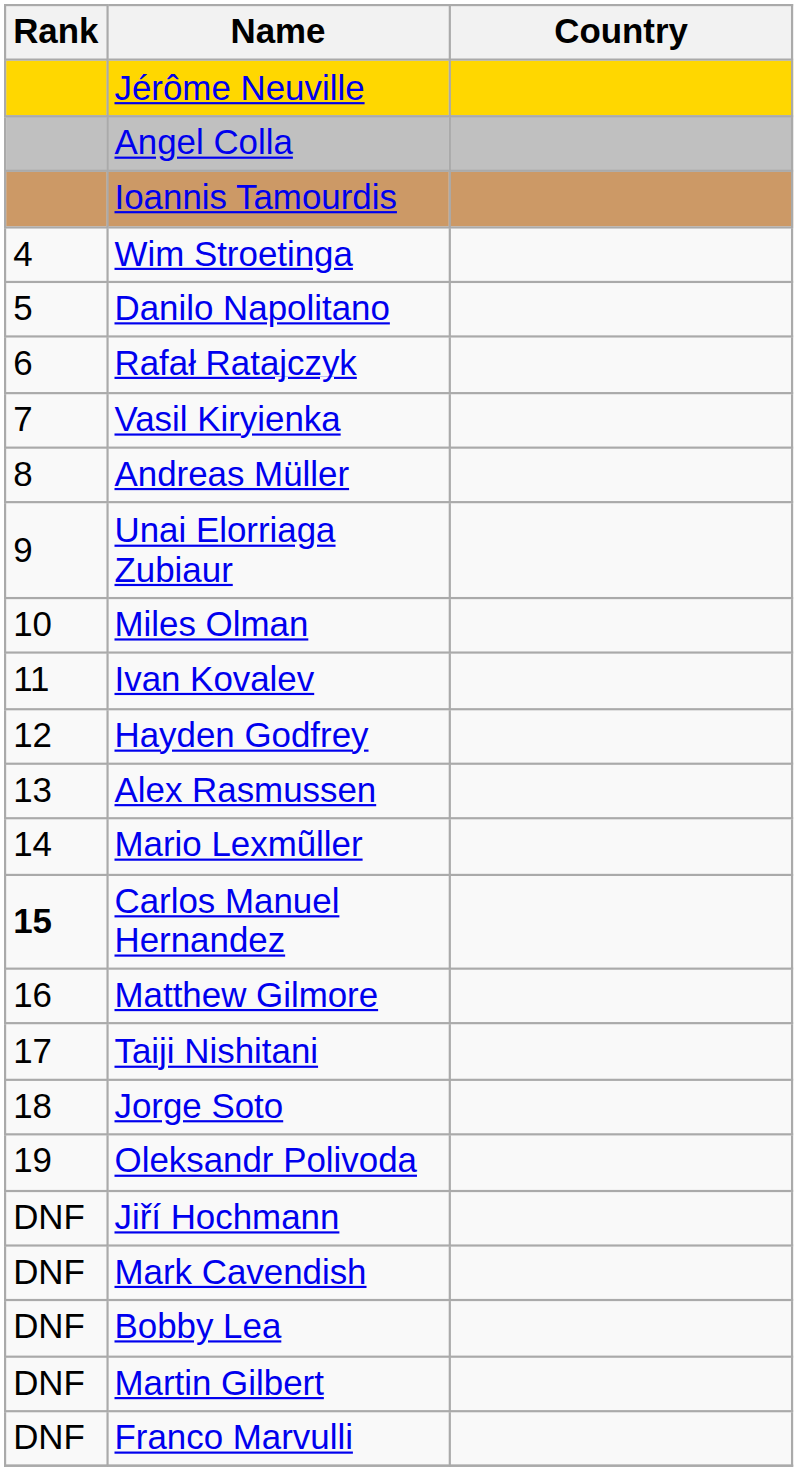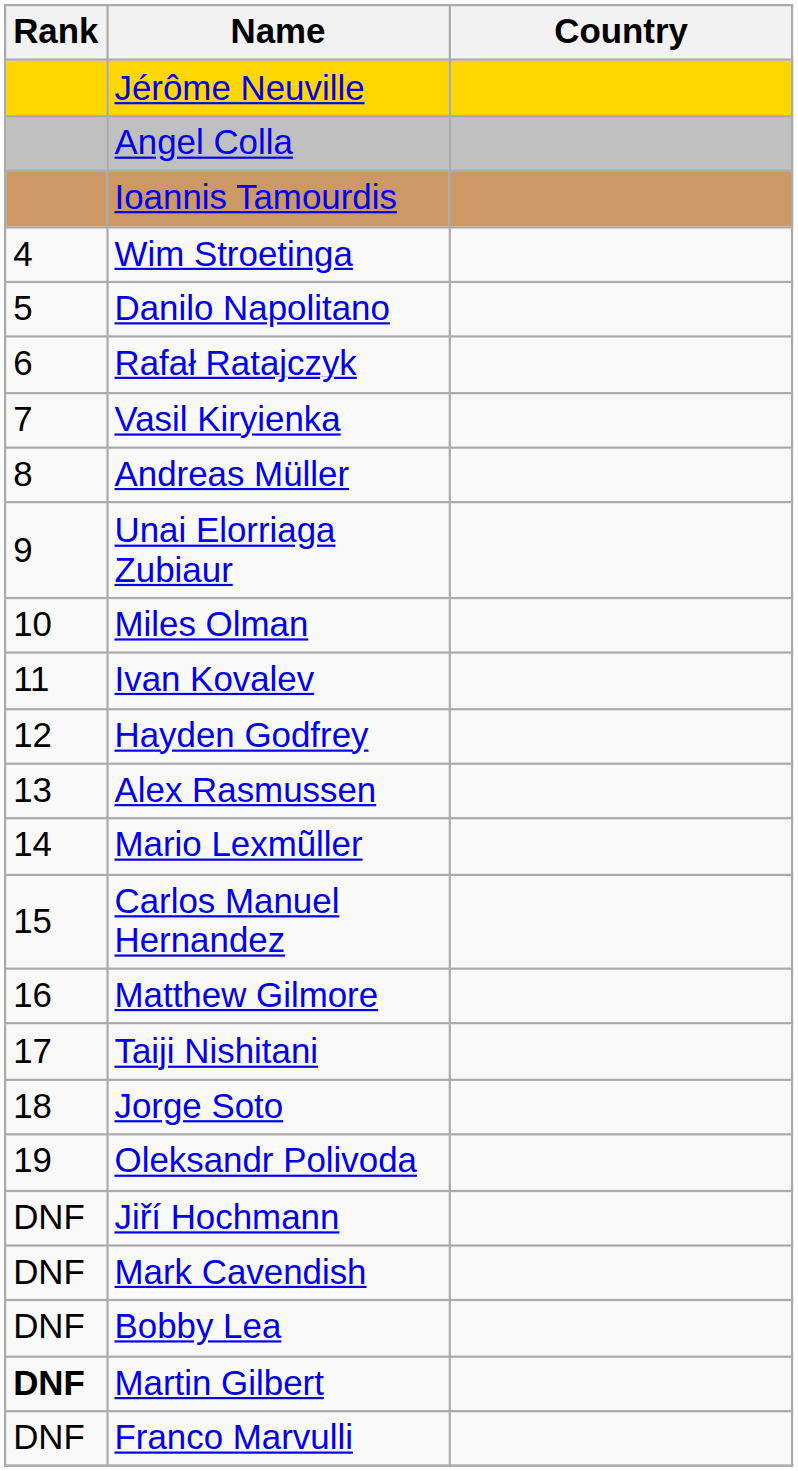 <table class="wikitable">
 <tr>
 <th width=20>Rank</th>
 <th width=150>Name</th>
 <th width=150>Country</th>
 </tr>
 <tr bgcolor=gold>
 <td></td>
 <td><a href='#'>Jérôme Neuville</a></td>
 <td></td>
 </tr>
 <tr bgcolor=silver>
 <td></td>
 <td><a href='#'>Angel Colla</a></td>
 <td></td>
 </tr>
 <tr bgcolor=cc9966>
 <td></td>
 <td><a href='#'>Ioannis Tamourdis</a></td>
 <td></td>
 </tr>
 <tr>
 <td>4</td>
 <td><a href='#'>Wim Stroetinga</a></td>
 <td></td>
 </tr>
 <tr>
 <td>5</td>
 <td><a href='#'>Danilo Napolitano</a></td>
 <td></td>
 </tr>
 <tr>
 <td>6</td>
 <td><a href='#'>Rafał Ratajczyk</a></td>
 <td></td>
 </tr>
 <tr>
 <td>7</td>
 <td><a href='#'>Vasil Kiryienka</a></td>
 <td></td>
 </tr>
 <tr>
 <td>8</td>
 <td><a href='#'>Andreas Müller</a></td>
 <td></td>
 </tr>
 <tr>
 <td>9</td>
 <td><a href='#'>Unai Elorriaga Zubiaur</a></td>
 <td></td>
 </tr>
 <tr>
 <td>10</td>
 <td><a href='#'>Miles Olman</a></td>
 <td></td>
 </tr>
 <tr>
 <td>11</td>
 <td><a href='#'>Ivan Kovalev</a></td>
 <td></td>
 </tr>
 <tr>
 <td>12</td>
 <td><a href='#'>Hayden Godfrey</a></td>
 <td></td>
 </tr>
 <tr>
 <td>13</td>
 <td><a href='#'>Alex Rasmussen</a></td>
 <td></td>
 </tr>
 <tr>
 <td>14</td>
 <td><a href='#'>Mario Lexmũller</a></td>
 <td></td>
 </tr>
 <tr>
-<td><strong>15</strong></td>
+<td>15</td>
 <td><a href='#'>Carlos Manuel Hernandez</a></td>
 <td></td>
 </tr>
 <tr>
 <td>16</td>
 <td><a href='#'>Matthew Gilmore</a></td>
 <td></td>
 </tr>
 <tr>
 <td>17</td>
 <td><a href='#'>Taiji Nishitani</a></td>
 <td></td>
 </tr>
 <tr>
 <td>18</td>
 <td><a href='#'>Jorge Soto</a></td>
 <td></td>
 </tr>
 <tr>
 <td>19</td>
 <td><a href='#'>Oleksandr Polivoda</a></td>
 <td></td>
 </tr>
 <tr>
 <td>DNF</td>
 <td><a href='#'>Jiří Hochmann</a></td>
 <td></td>
 </tr>
 <tr>
 <td>DNF</td>
 <td><a href='#'>Mark Cavendish</a></td>
 <td></td>
 </tr>
 <tr>
 <td>DNF</td>
 <td><a href='#'>Bobby Lea</a></td>
 <td></td>
 </tr>
 <tr>
-<td>DNF</td>
+<td><strong>DNF</strong></td>
 <td><a href='#'>Martin Gilbert</a></td>
 <td></td>
 </tr>
 <tr>
 <td>DNF</td>
 <td><a href='#'>Franco Marvulli</a></td>
 <td></td>
 </tr>
 <tr>
 </tr>
 </table>
